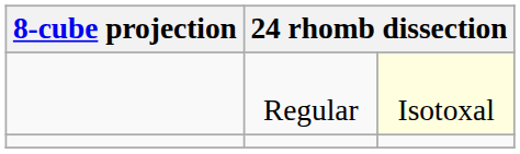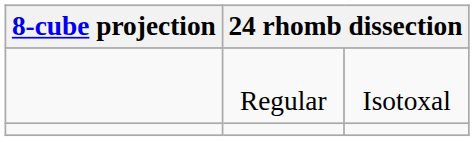 <table class=wikitable align=right>
 <tr>
 <th><a href='#'>8-cube</a> projection</th>
 <th colspan=2>24 rhomb dissection</th>
 </tr>
 <tr align=center>
 <td></td>
 <td><br>Regular</td>
-<td style="background: lightyellow;"><br>Isotoxal</td>
+<td><br>Isotoxal</td>
 </tr>
 <tr>
 <td></td>
 <td></td>
 </tr>
 </table>
